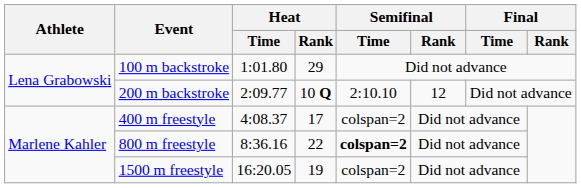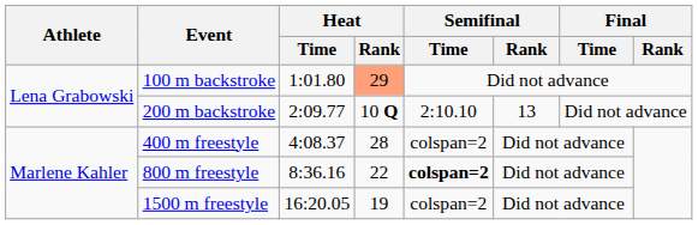 <table class=wikitable style="font-size:90%">
 <tr>
 <th rowspan="2">Athlete</th>
 <th rowspan="2">Event</th>
 <th colspan="2">Heat</th>
 <th colspan="2">Semifinal</th>
 <th colspan="2">Final</th>
 </tr>
 <tr style="font-size:95%">
 <th>Time</th>
 <th>Rank</th>
 <th>Time</th>
 <th>Rank</th>
 <th>Time</th>
 <th>Rank</th>
 </tr>
 <tr align=center>
 <td align=left rowspan=2><a href='#'>Lena Grabowski</a></td>
 <td align=left><a href='#'>100 m backstroke</a></td>
 <td>1:01.80</td>
-<td>29</td>
+<td style="background: lightsalmon;">29</td>
 <td colspan="4">Did not advance</td>
 </tr>
 <tr align=center>
 <td align=left><a href='#'>200 m backstroke</a></td>
 <td>2:09.77</td>
 <td>10 <strong>Q</strong></td>
 <td>2:10.10</td>
-<td>12</td>
+<td>13</td>
 <td colspan="2">Did not advance</td>
 </tr>
 <tr align=center>
 <td align=left rowspan=3><a href='#'>Marlene Kahler</a></td>
 <td align=left><a href='#'>400 m freestyle</a></td>
 <td>4:08.37</td>
-<td>17</td>
+<td>28</td>
 <td>colspan=2 </td>
 <td colspan="2">Did not advance</td>
 </tr>
 <tr align=center>
 <td align=left><a href='#'>800 m freestyle</a></td>
 <td>8:36.16</td>
 <td>22</td>
 <td><strong>colspan=2 </strong></td>
 <td colspan="2">Did not advance</td>
 </tr>
 <tr align=center>
 <td align=left><a href='#'>1500 m freestyle</a></td>
 <td>16:20.05</td>
 <td>19</td>
 <td>colspan=2 </td>
 <td colspan="2">Did not advance</td>
 </tr>
 </table>
